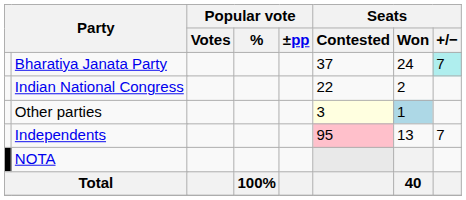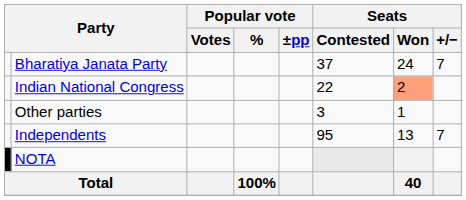 <table class="wikitable">
 <tr>
 <th colspan="4" rowspan="2">Party</th>
 <th colspan="3">Popular vote</th>
 <th colspan="3">Seats</th>
 </tr>
 <tr>
 <th>Votes</th>
 <th>%</th>
 <th>±<a href='#'>pp</a></th>
 <th>Contested</th>
 <th>Won</th>
 <th><strong>+/−</strong></th>
 </tr>
 <tr>
 <td></td>
 <td colspan="3"><a href='#'>Bharatiya Janata Party</a></td>
 <td></td>
 <td></td>
 <td></td>
 <td>37</td>
 <td>24</td>
-<td style="background: paleturquoise;">7</td>
+<td>7</td>
 </tr>
 <tr>
 <td></td>
 <td colspan="3"><a href='#'>Indian National Congress</a></td>
 <td></td>
 <td></td>
 <td></td>
 <td>22</td>
-<td>2</td>
+<td style="background: lightsalmon;">2</td>
 <td></td>
 </tr>
 <tr>
 <td></td>
 <td colspan="3">Other parties</td>
 <td></td>
 <td></td>
 <td></td>
-<td style="background: lightyellow;">3</td>
-<td style="background: lightblue;">1</td>
+<td>3</td>
+<td>1</td>
 <td></td>
 </tr>
 <tr>
 <td></td>
 <td colspan="3"><a href='#'>Independents</a></td>
 <td></td>
 <td></td>
 <td></td>
-<td style="background: pink;">95</td>
+<td>95</td>
 <td>13</td>
 <td>7</td>
 </tr>
 <tr>
 <td style="background:Black; color:White"></td>
 <td colspan="3"><a href='#'>NOTA</a></td>
 <td></td>
 <td></td>
 <td></td>
 <th style="background-color:#E9E9E9"></th>
 <th></th>
 <td></td>
 </tr>
 <tr>
 <th colspan="4">Total</th>
 <th></th>
 <th>100%</th>
 <th></th>
 <th></th>
 <th>40</th>
 <th></th>
 </tr>
 <tr>
 </tr>
 </table>
